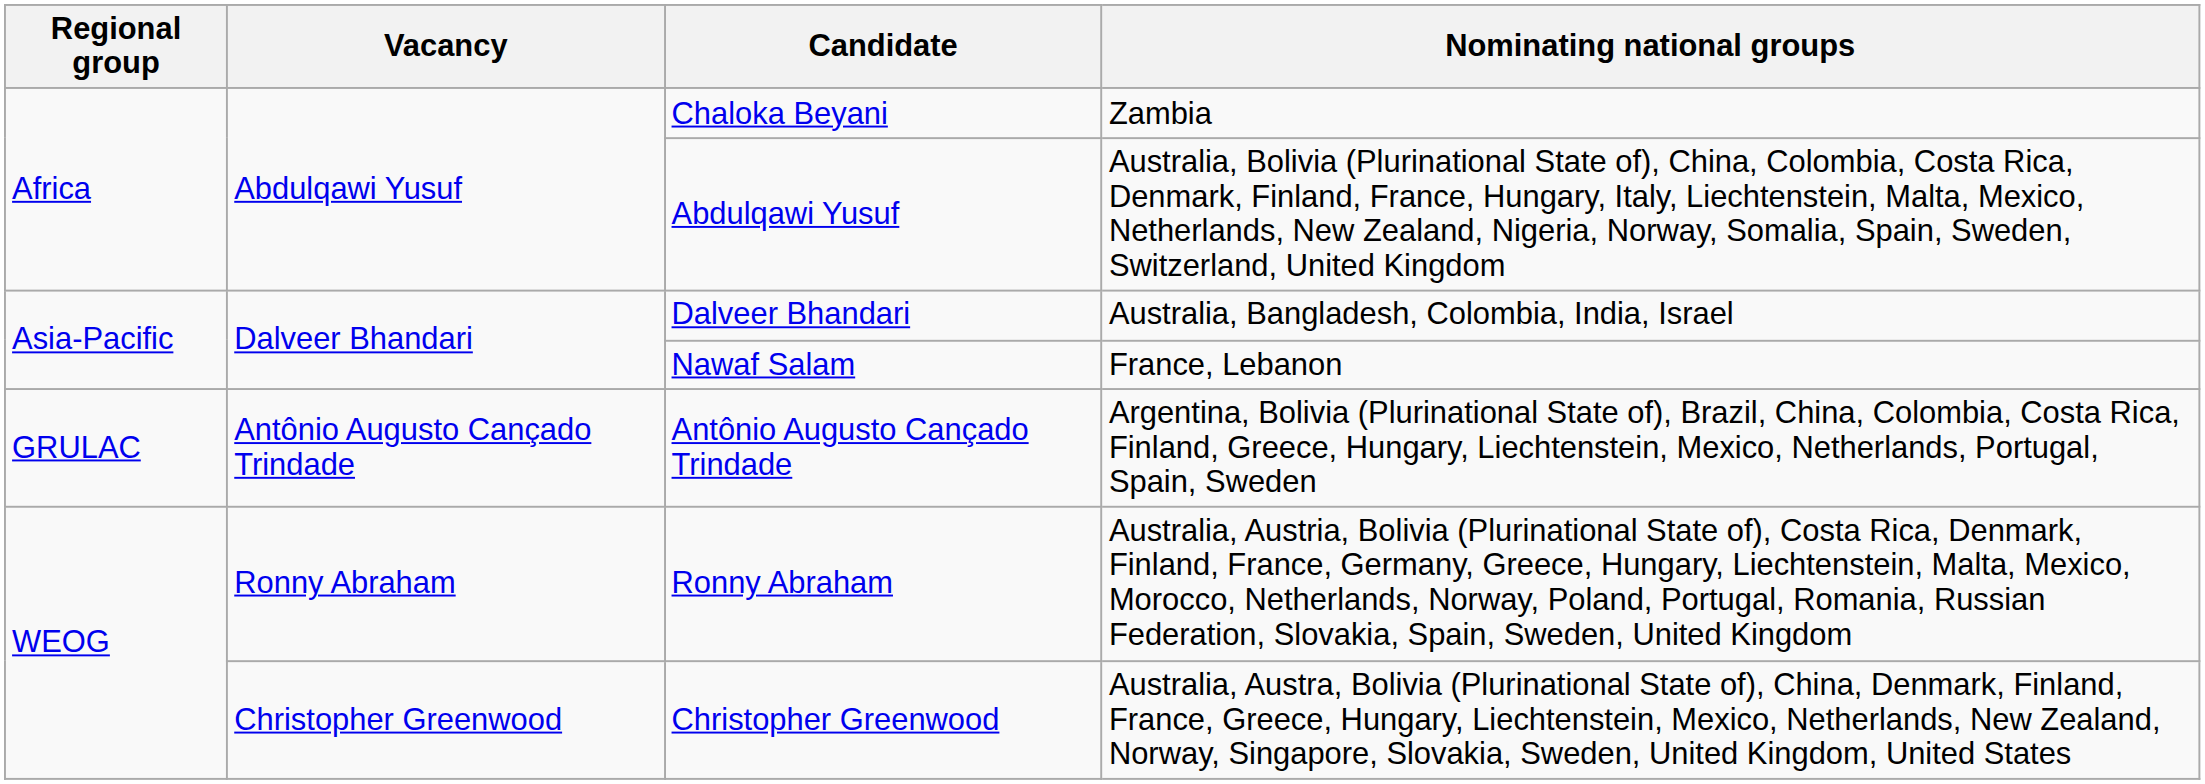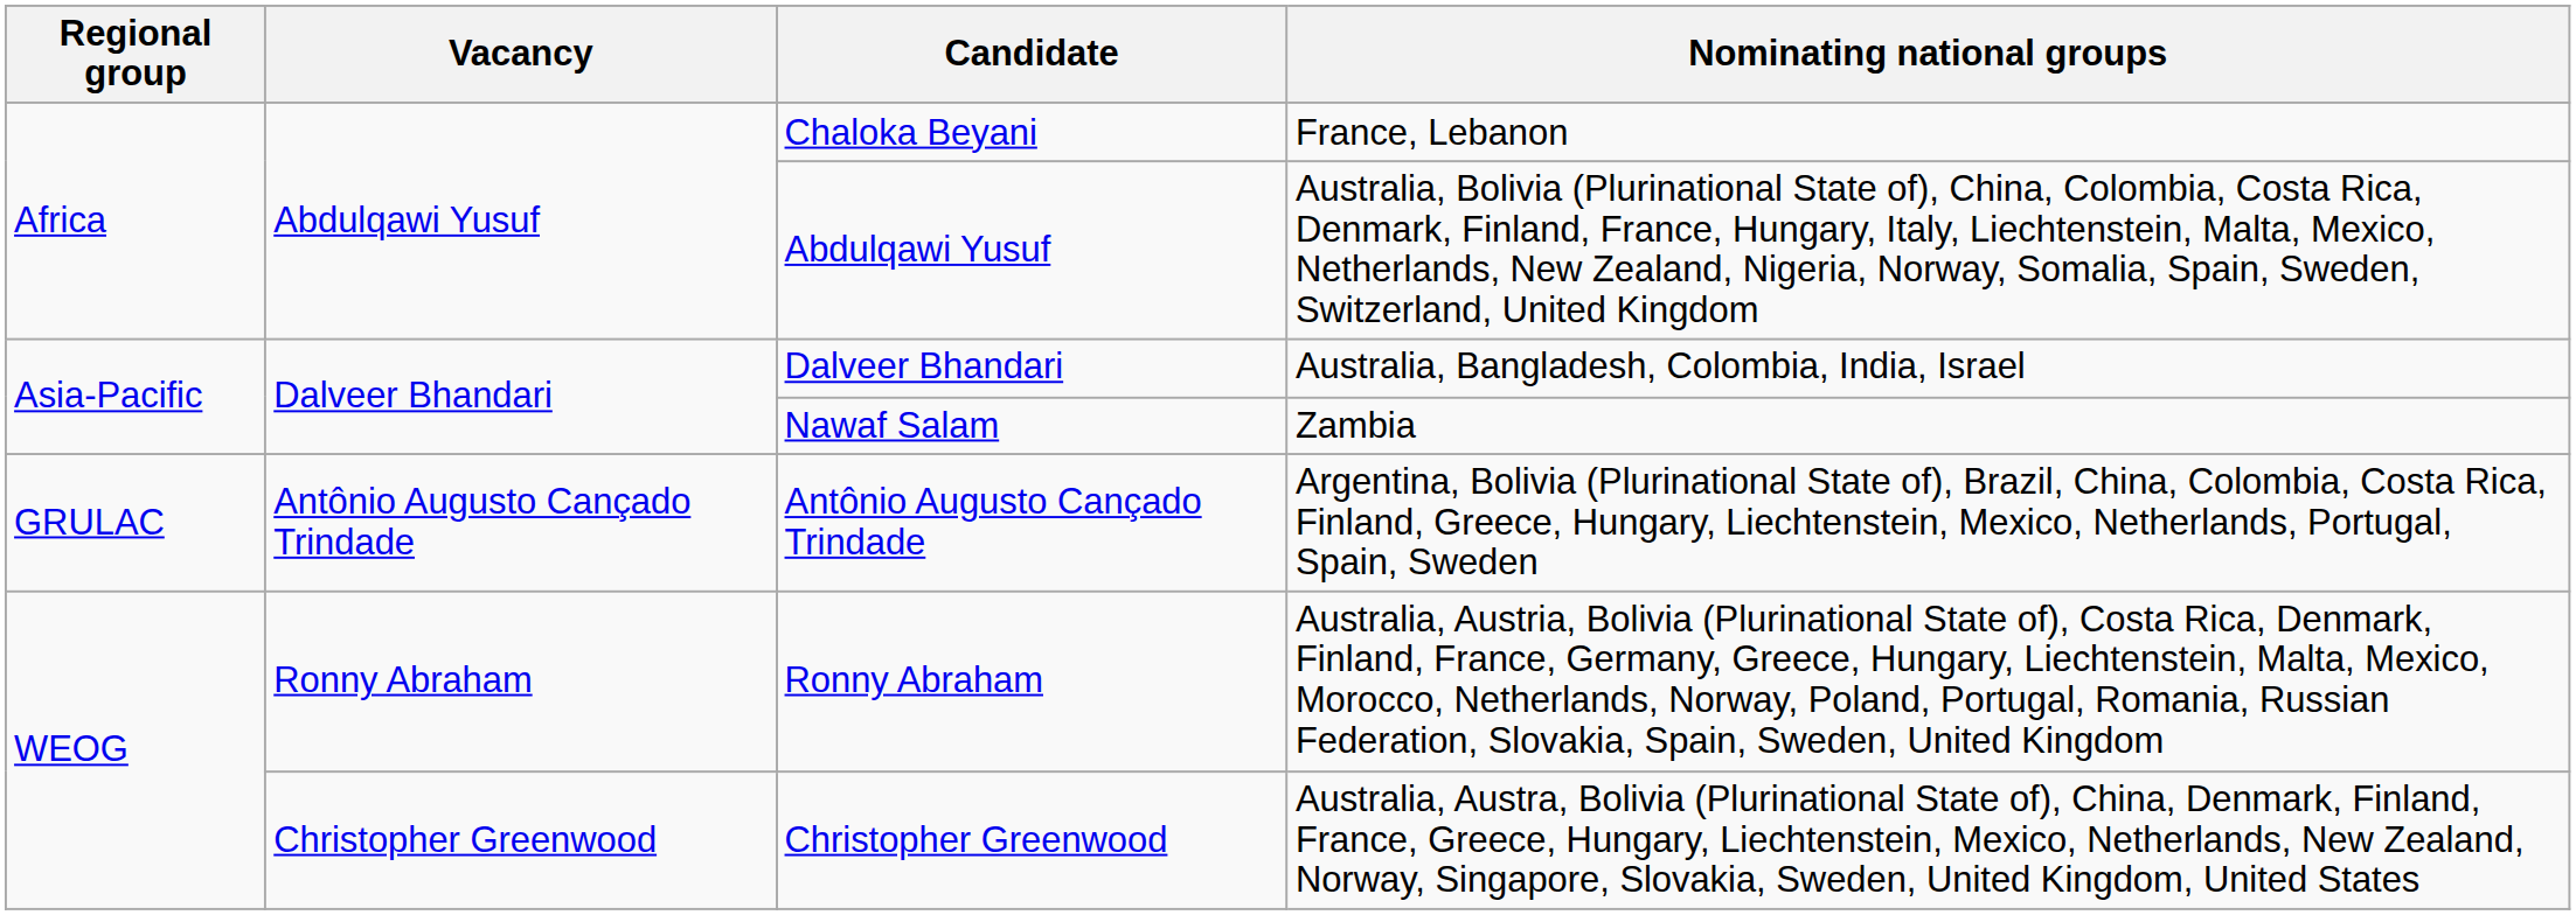 <table class="wikitable" style="width:90%;">
 <tr>
 <th>Regional group</th>
 <th>Vacancy</th>
 <th>Candidate</th>
 <th width=50%>Nominating national groups</th>
 </tr>
 <tr>
 <td rowspan=2><a href='#'>Africa</a></td>
 <td rowspan=2> <a href='#'>Abdulqawi Yusuf</a></td>
 <td> <a href='#'>Chaloka Beyani</a></td>
-<td>Zambia</td>
+<td>France, Lebanon</td>
 </tr>
 <tr>
 <td> <a href='#'>Abdulqawi Yusuf</a></td>
 <td>Australia, Bolivia (Plurinational State of), China, Colombia, Costa Rica, Denmark, Finland, France, Hungary, Italy, Liechtenstein, Malta, Mexico, Netherlands, New Zealand, Nigeria, Norway, Somalia, Spain, Sweden, Switzerland, United Kingdom</td>
 </tr>
 <tr>
 <td rowspan=2><a href='#'>Asia-Pacific</a></td>
 <td rowspan=2> <a href='#'>Dalveer Bhandari</a></td>
 <td> <a href='#'>Dalveer Bhandari</a></td>
 <td>Australia, Bangladesh, Colombia, India, Israel</td>
 </tr>
 <tr>
 <td> <a href='#'>Nawaf Salam</a></td>
-<td>France, Lebanon</td>
+<td>Zambia</td>
 </tr>
 <tr>
 <td><a href='#'>GRULAC</a></td>
 <td> <a href='#'>Antônio Augusto Cançado Trindade</a></td>
 <td> <a href='#'>Antônio Augusto Cançado Trindade</a></td>
 <td>Argentina, Bolivia (Plurinational State of), Brazil, China, Colombia, Costa Rica, Finland, Greece, Hungary, Liechtenstein, Mexico, Netherlands, Portugal, Spain, Sweden</td>
 </tr>
 <tr>
 <td rowspan=2><a href='#'>WEOG</a></td>
 <td> <a href='#'>Ronny Abraham</a></td>
 <td> <a href='#'>Ronny Abraham</a></td>
 <td>Australia, Austria, Bolivia (Plurinational State of), Costa Rica, Denmark, Finland, France, Germany, Greece, Hungary, Liechtenstein, Malta, Mexico, Morocco, Netherlands, Norway, Poland, Portugal, Romania, Russian Federation, Slovakia, Spain, Sweden, United Kingdom</td>
 </tr>
 <tr>
 <td> <a href='#'>Christopher Greenwood</a></td>
 <td> <a href='#'>Christopher Greenwood</a></td>
 <td>Australia, Austra, Bolivia (Plurinational State of), China, Denmark, Finland, France, Greece, Hungary, Liechtenstein, Mexico, Netherlands, New Zealand, Norway, Singapore, Slovakia, Sweden, United Kingdom, United States</td>
 </tr>
 </table>
